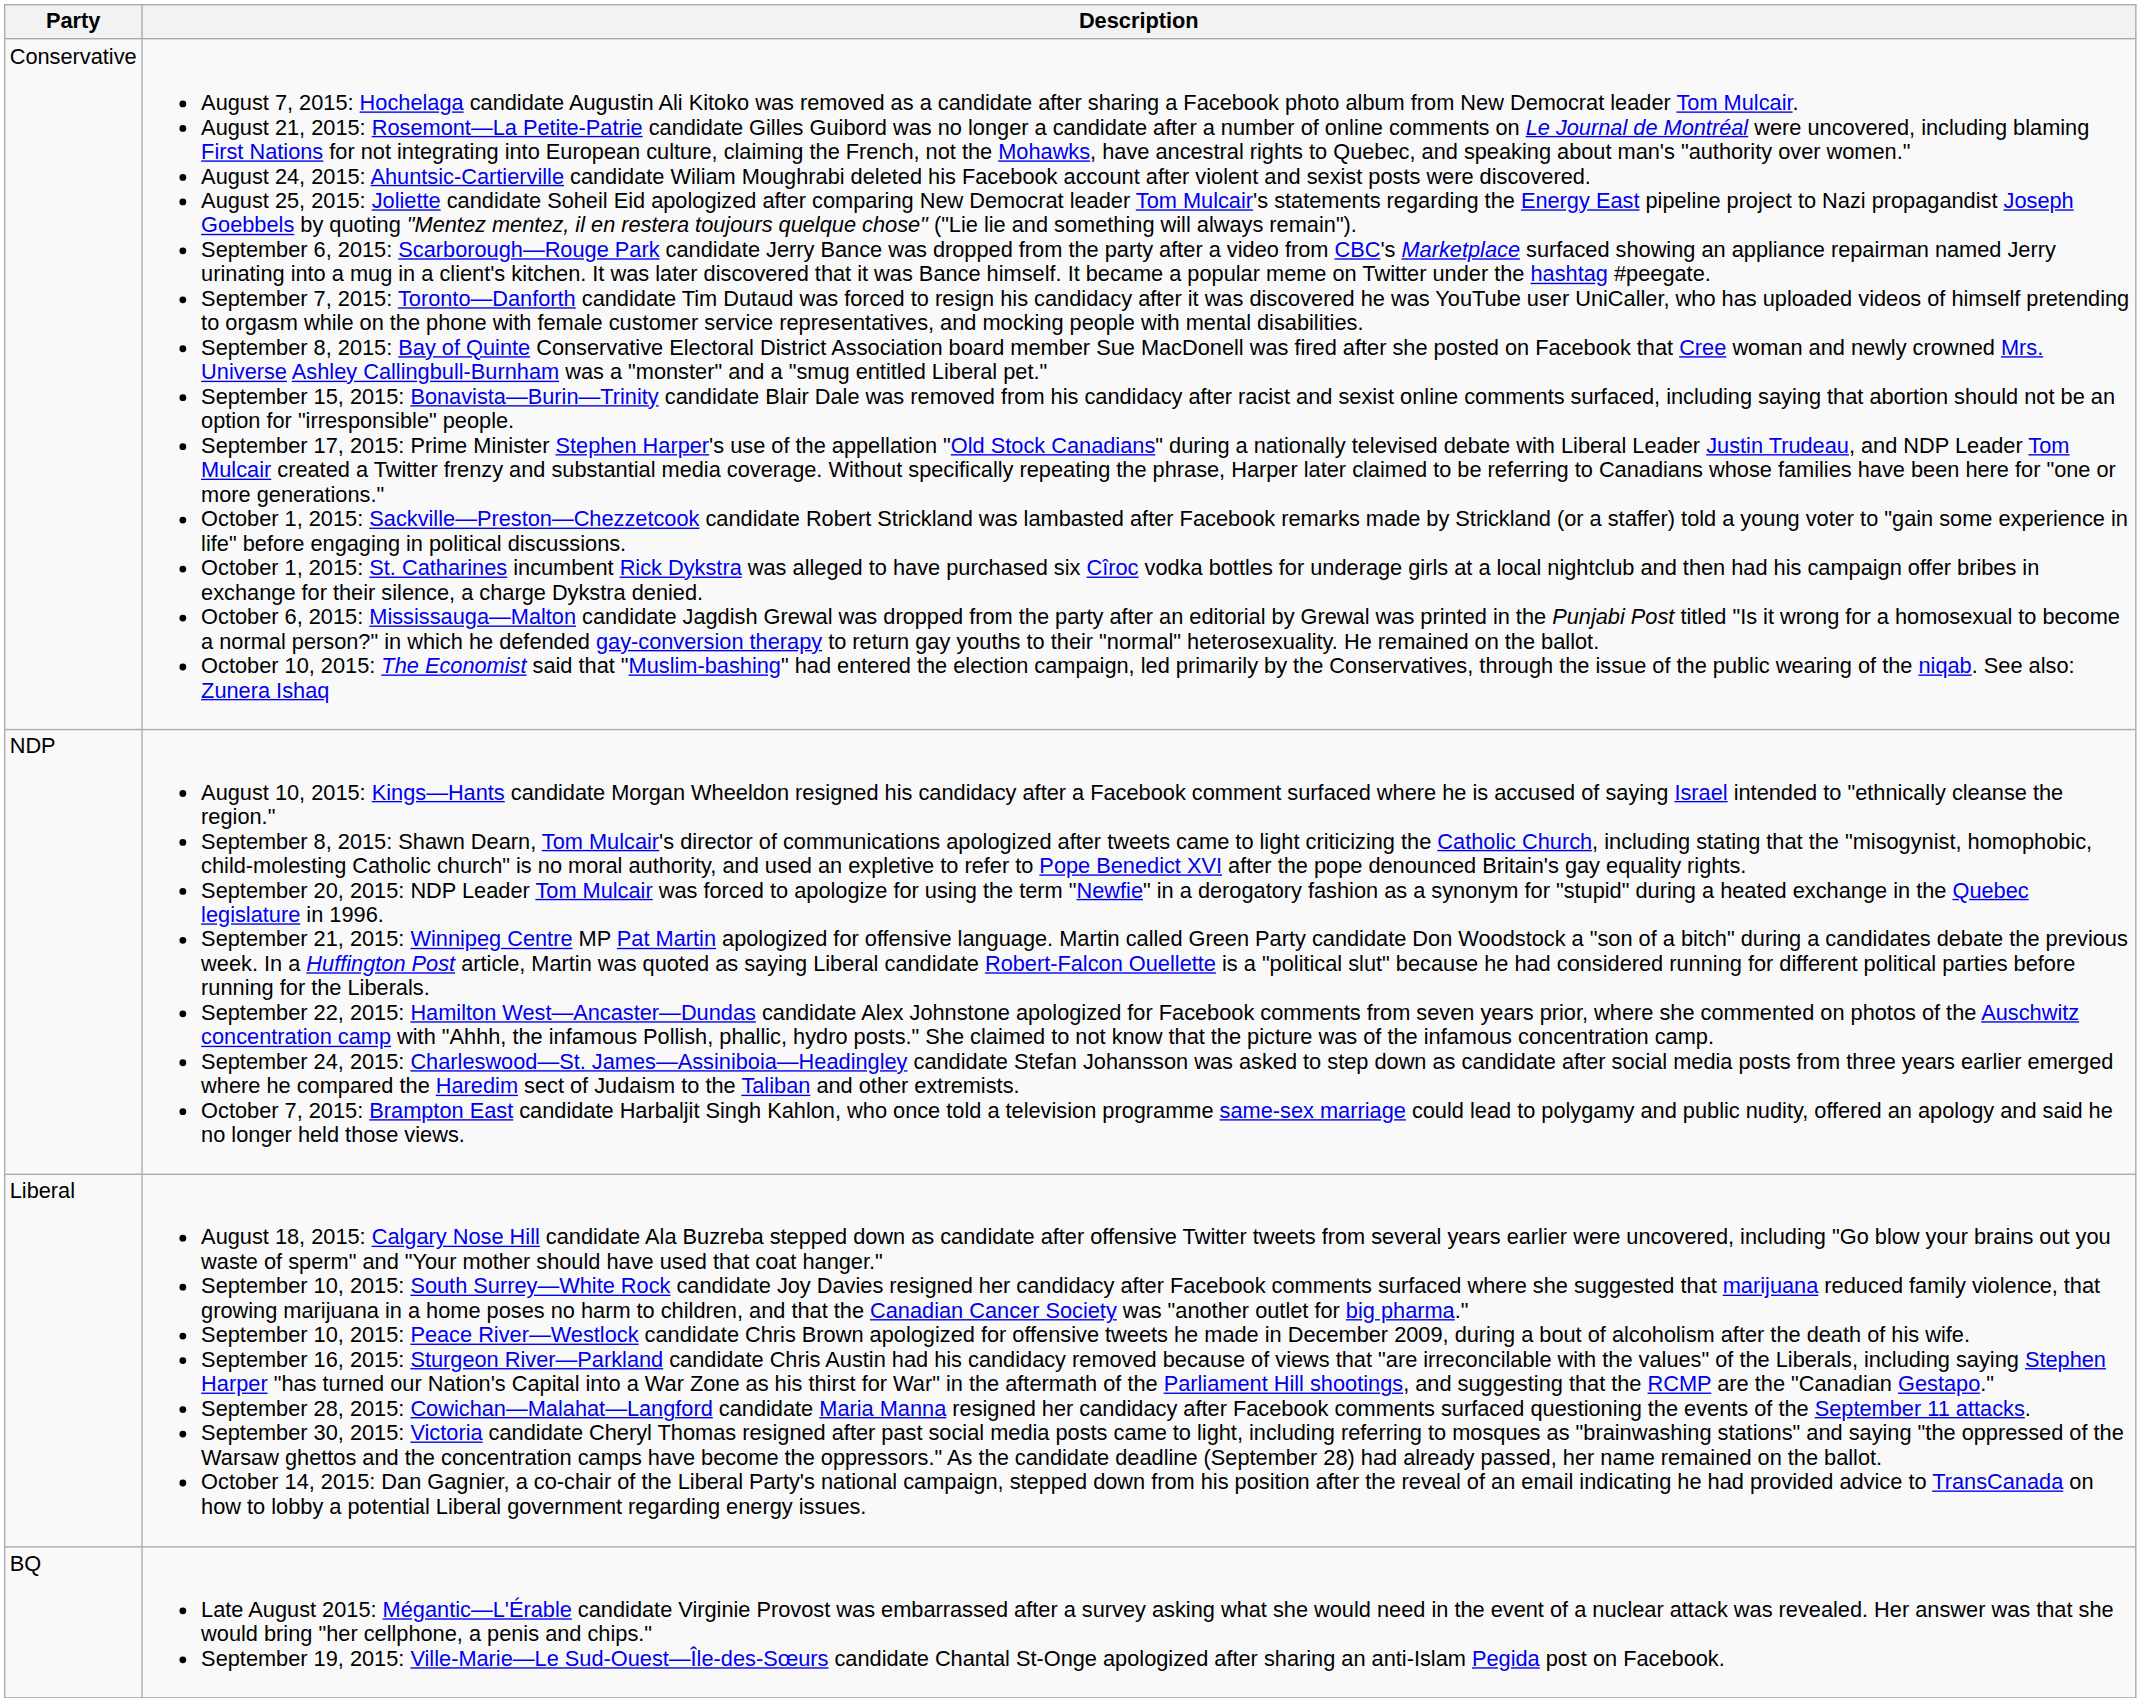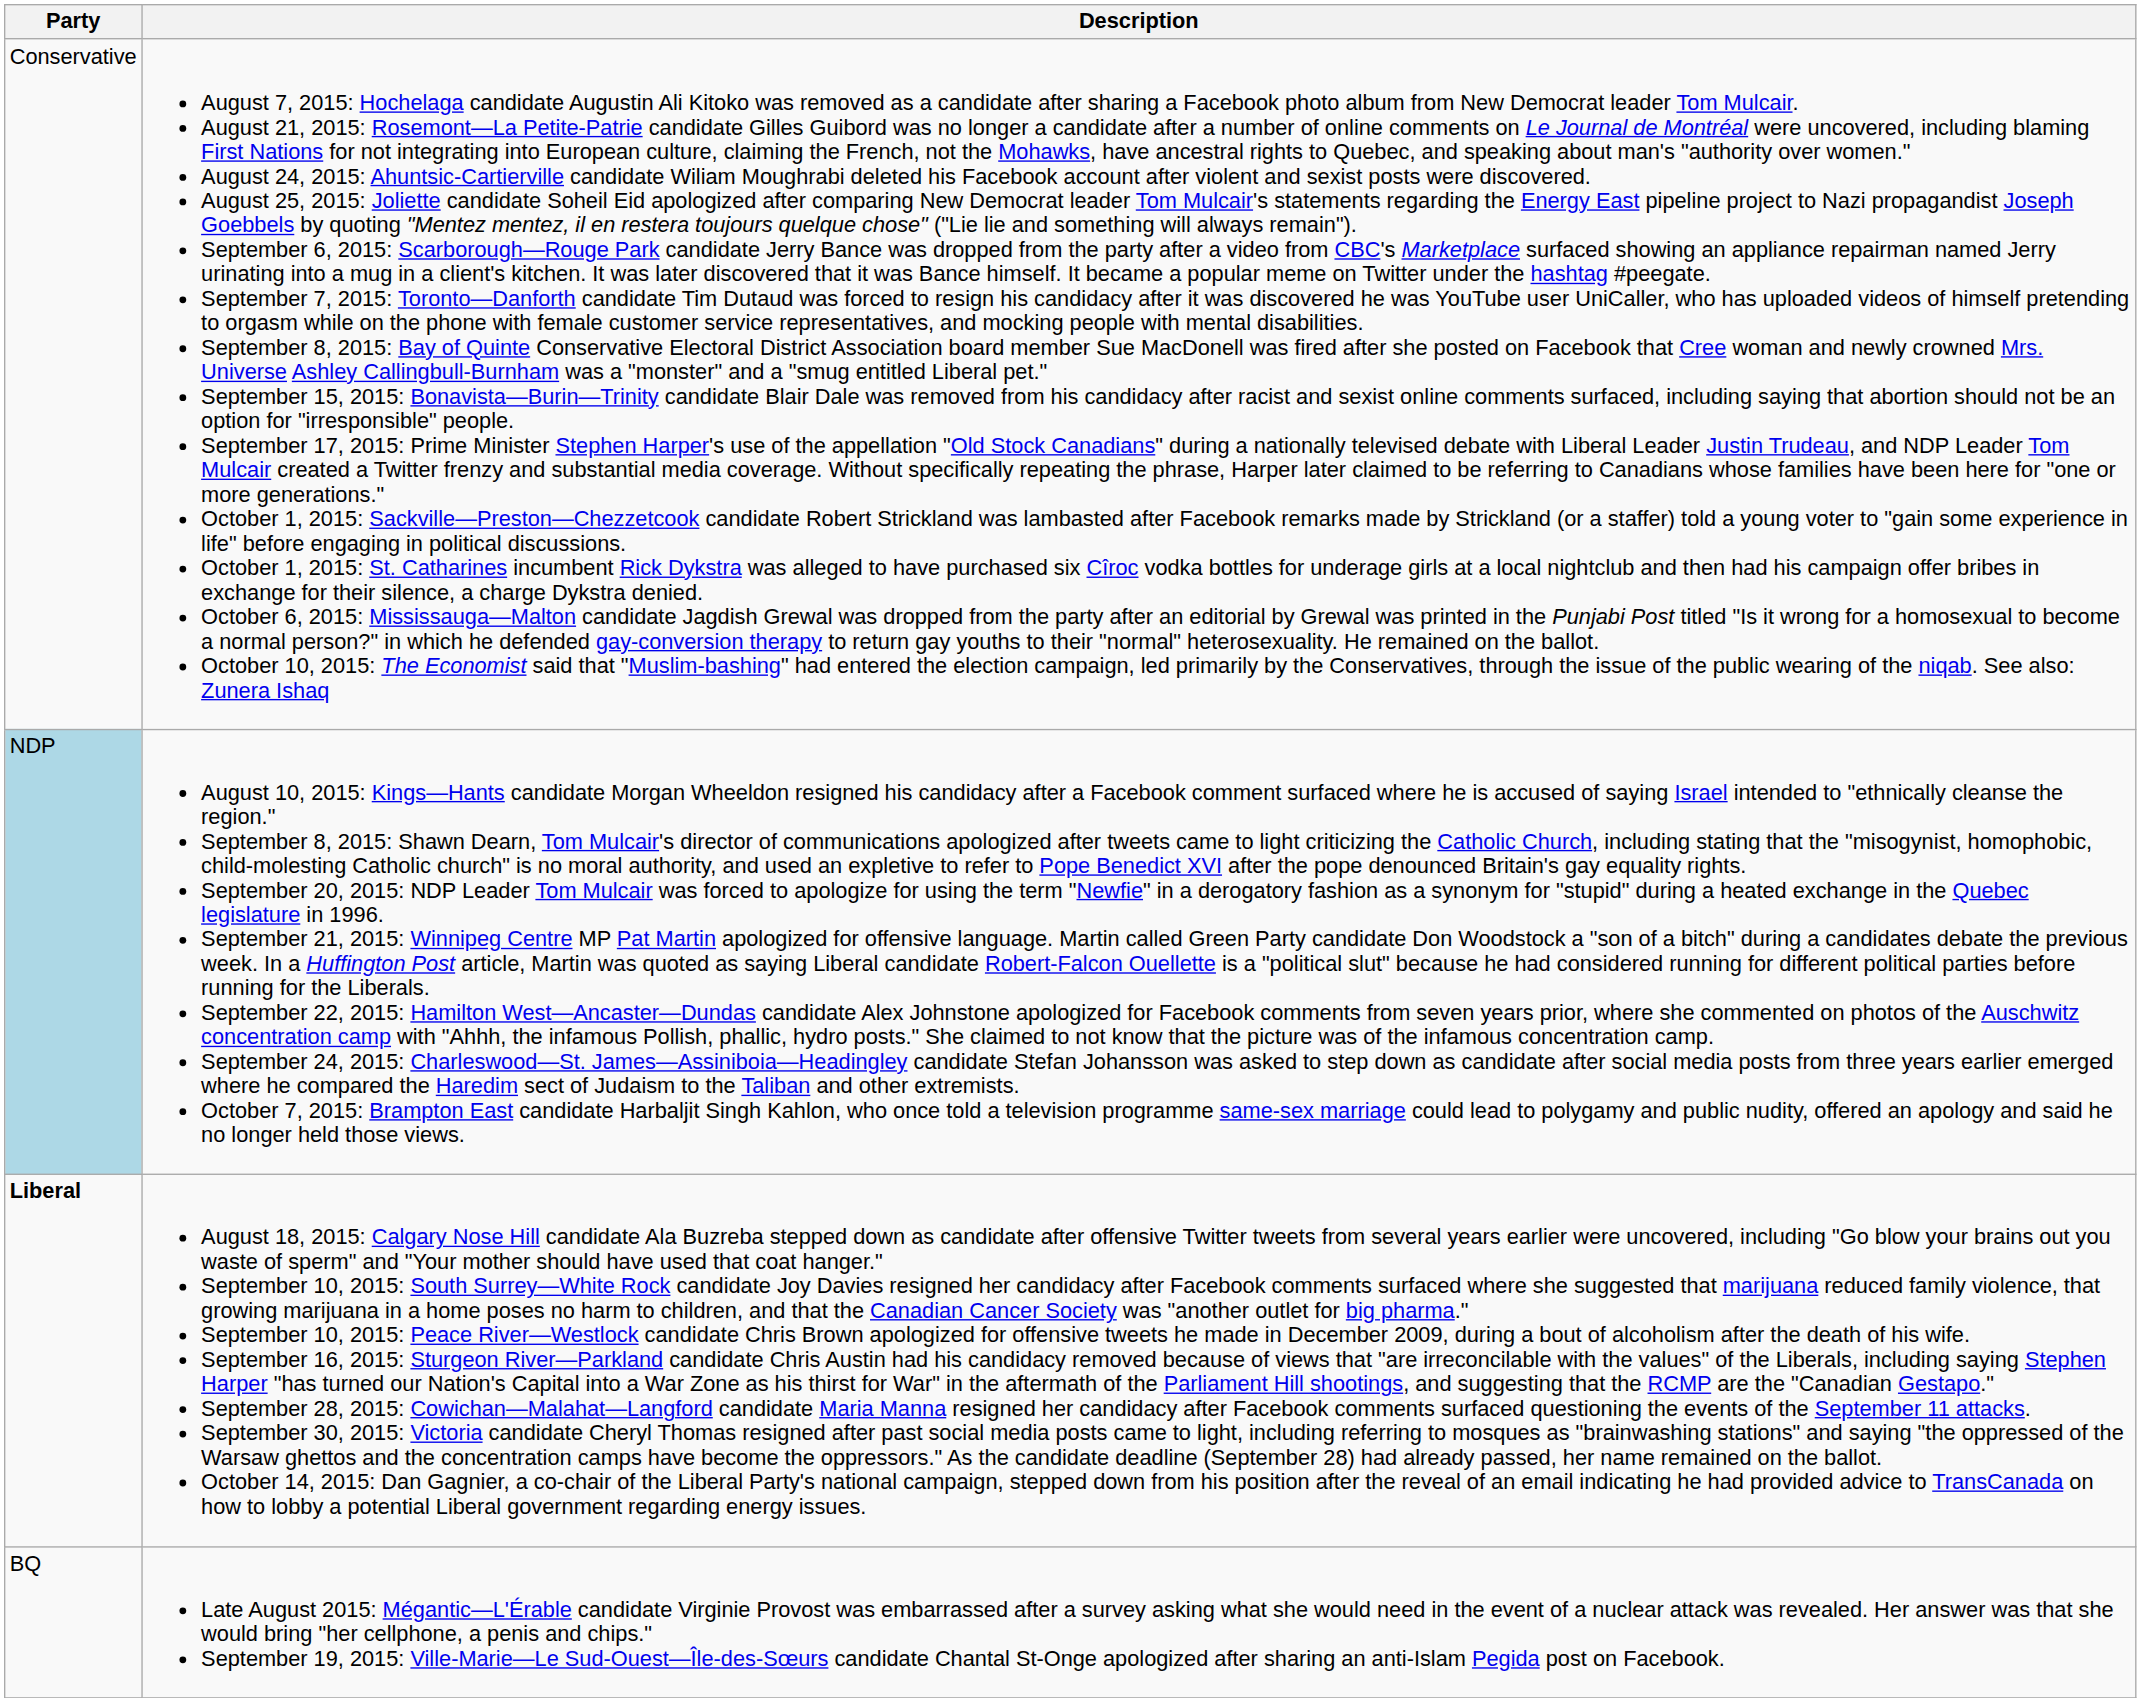 <table class="wikitable">
 <tr>
 <th>Party</th>
 <th>Description</th>
 </tr>
 <tr valign="top">
 <td>Conservative</td>
 <td><br><ul><li>August 7, 2015: <a href='#'>Hochelaga</a> candidate Augustin Ali Kitoko was removed as a candidate after sharing a Facebook photo album from New Democrat leader <a href='#'>Tom Mulcair</a>.</li><li>August 21, 2015: <a href='#'>Rosemont—La Petite-Patrie</a> candidate Gilles Guibord was no longer a candidate after a number of online comments on <em><a href='#'>Le Journal de Montréal</a></em> were uncovered, including blaming <a href='#'>First Nations</a> for not integrating into European culture, claiming the French, not the <a href='#'>Mohawks</a>, have ancestral rights to Quebec, and speaking about man's "authority over women."</li><li>August 24, 2015: <a href='#'>Ahuntsic-Cartierville</a> candidate Wiliam Moughrabi deleted his Facebook account after violent and sexist posts were discovered.</li><li>August 25, 2015: <a href='#'>Joliette</a> candidate Soheil Eid apologized after comparing New Democrat leader <a href='#'>Tom Mulcair</a>'s statements regarding the <a href='#'>Energy East</a> pipeline project to Nazi propagandist <a href='#'>Joseph Goebbels</a> by quoting <em>"Mentez mentez, il en restera toujours quelque chose"</em> ("Lie lie and something will always remain").</li><li>September 6, 2015: <a href='#'>Scarborough—Rouge Park</a> candidate Jerry Bance was dropped from the party after a video from <a href='#'>CBC</a>'s <em><a href='#'>Marketplace</a></em> surfaced showing an appliance repairman named Jerry urinating into a mug in a client's kitchen. It was later discovered that it was Bance himself. It became a popular meme on Twitter under the <a href='#'>hashtag</a> #peegate.</li><li>September 7, 2015: <a href='#'>Toronto—Danforth</a> candidate Tim Dutaud was forced to resign his candidacy after it was discovered he was YouTube user UniCaller, who has uploaded videos of himself pretending to orgasm while on the phone with female customer service representatives, and mocking people with mental disabilities.</li><li>September 8, 2015: <a href='#'>Bay of Quinte</a> Conservative Electoral District Association board member Sue MacDonell was fired after she posted on Facebook that <a href='#'>Cree</a> woman and newly crowned <a href='#'>Mrs. Universe</a> <a href='#'>Ashley Callingbull-Burnham</a> was a "monster" and a "smug entitled Liberal pet."</li><li>September 15, 2015: <a href='#'>Bonavista—Burin—Trinity</a> candidate Blair Dale was removed from his candidacy after racist and sexist online comments surfaced, including saying that abortion should not be an option for "irresponsible" people.</li><li>September 17, 2015: Prime Minister <a href='#'>Stephen Harper</a>'s use of the appellation "<a href='#'>Old Stock Canadians</a>" during a nationally televised debate with Liberal Leader <a href='#'>Justin Trudeau</a>, and NDP Leader <a href='#'>Tom Mulcair</a> created a Twitter frenzy and substantial media coverage. Without specifically repeating the phrase, Harper later claimed to be referring to Canadians whose families have been here for "one or more generations."</li><li>October 1, 2015: <a href='#'>Sackville—Preston—Chezzetcook</a> candidate Robert Strickland was lambasted after Facebook remarks made by Strickland (or a staffer) told a young voter to "gain some experience in life" before engaging in political discussions.</li><li>October 1, 2015: <a href='#'>St. Catharines</a> incumbent <a href='#'>Rick Dykstra</a> was alleged to have purchased six <a href='#'>Cîroc</a> vodka bottles for underage girls at a local nightclub and then had his campaign offer bribes in exchange for their silence, a charge Dykstra denied.</li><li>October 6, 2015: <a href='#'>Mississauga—Malton</a> candidate Jagdish Grewal was dropped from the party after an editorial by Grewal was printed in the <em>Punjabi Post</em> titled "Is it wrong for a homosexual to become a normal person?" in which he defended <a href='#'>gay-conversion therapy</a> to return gay youths to their "normal" heterosexuality. He remained on the ballot.</li><li>October 10, 2015: <em><a href='#'>The Economist</a></em> said that "<a href='#'>Muslim-bashing</a>" had entered the election campaign, led primarily by the Conservatives, through the issue of the public wearing of the <a href='#'>niqab</a>. See also: <a href='#'>Zunera Ishaq</a></li></ul></td>
 </tr>
 <tr valign="top">
-<td>NDP</td>
+<td style="background: lightblue;">NDP</td>
 <td><br><ul><li>August 10, 2015: <a href='#'>Kings—Hants</a> candidate Morgan Wheeldon resigned his candidacy after a Facebook comment surfaced where he is accused of saying <a href='#'>Israel</a> intended to "ethnically cleanse the region."</li><li>September 8, 2015: Shawn Dearn, <a href='#'>Tom Mulcair</a>'s director of communications apologized after tweets came to light criticizing the <a href='#'>Catholic Church</a>, including stating that the "misogynist, homophobic, child-molesting Catholic church" is no moral authority, and used an expletive to refer to <a href='#'>Pope Benedict XVI</a> after the pope denounced Britain's gay equality rights.</li><li>September 20, 2015: NDP Leader <a href='#'>Tom Mulcair</a> was forced to apologize for using the term "<a href='#'>Newfie</a>" in a derogatory fashion as a synonym for "stupid" during a heated exchange in the <a href='#'>Quebec legislature</a> in 1996.</li><li>September 21, 2015: <a href='#'>Winnipeg Centre</a> MP <a href='#'>Pat Martin</a> apologized for offensive language. Martin called Green Party candidate Don Woodstock a "son of a bitch" during a candidates debate the previous week. In a <em><a href='#'>Huffington Post</a></em> article, Martin was quoted as saying Liberal candidate <a href='#'>Robert-Falcon Ouellette</a> is a "political slut" because he had considered running for different political parties before running for the Liberals.</li><li>September 22, 2015: <a href='#'>Hamilton West—Ancaster—Dundas</a> candidate Alex Johnstone apologized for Facebook comments from seven years prior, where she commented on photos of the <a href='#'>Auschwitz concentration camp</a> with "Ahhh, the infamous Pollish, phallic, hydro posts." She claimed to not know that the picture was of the infamous concentration camp.</li><li>September 24, 2015: <a href='#'>Charleswood—St. James—Assiniboia—Headingley</a> candidate Stefan Johansson was asked to step down as candidate after social media posts from three years earlier emerged where he compared the <a href='#'>Haredim</a> sect of Judaism to the <a href='#'>Taliban</a> and other extremists.</li><li>October 7, 2015: <a href='#'>Brampton East</a> candidate Harbaljit Singh Kahlon, who once told a television programme <a href='#'>same-sex marriage</a> could lead to polygamy and public nudity, offered an apology and said he no longer held those views.</li></ul></td>
 </tr>
 <tr valign="top">
-<td>Liberal</td>
+<td><strong>Liberal</strong></td>
 <td><br><ul><li>August 18, 2015: <a href='#'>Calgary Nose Hill</a> candidate Ala Buzreba stepped down as candidate after offensive Twitter tweets from several years earlier were uncovered, including "Go blow your brains out you waste of sperm" and "Your mother should have used that coat hanger."</li><li>September 10, 2015: <a href='#'>South Surrey—White Rock</a> candidate Joy Davies resigned her candidacy after Facebook comments surfaced where she suggested that <a href='#'>marijuana</a> reduced family violence, that growing marijuana in a home poses no harm to children, and that the <a href='#'>Canadian Cancer Society</a> was "another outlet for <a href='#'>big pharma</a>."</li><li>September 10, 2015: <a href='#'>Peace River—Westlock</a> candidate Chris Brown apologized for offensive tweets he made in December 2009, during a bout of alcoholism after the death of his wife.</li><li>September 16, 2015: <a href='#'>Sturgeon River—Parkland</a> candidate Chris Austin had his candidacy removed because of views that "are irreconcilable with the values" of the Liberals, including saying <a href='#'>Stephen Harper</a> "has turned our Nation's Capital into a War Zone as his thirst for War" in the aftermath of the <a href='#'>Parliament Hill shootings</a>, and suggesting that the <a href='#'>RCMP</a> are the "Canadian <a href='#'>Gestapo</a>."</li><li>September 28, 2015: <a href='#'>Cowichan—Malahat—Langford</a>  candidate <a href='#'>Maria Manna</a> resigned her candidacy after Facebook comments surfaced questioning the events of the <a href='#'>September 11 attacks</a>.</li><li>September 30, 2015: <a href='#'>Victoria</a> candidate Cheryl Thomas resigned after past social media posts came to light, including referring to mosques as "brainwashing stations" and saying "the oppressed of the Warsaw ghettos and the concentration camps have become the oppressors." As the candidate deadline (September 28) had already passed, her name remained on the ballot.</li><li>October 14, 2015: Dan Gagnier, a co-chair of the Liberal Party's national campaign, stepped down from his position after the reveal of an email indicating he had provided advice to <a href='#'>TransCanada</a> on how to lobby a potential Liberal government regarding energy issues.</li></ul></td>
 </tr>
 <tr valign="top">
 <td>BQ</td>
 <td><br><ul><li>Late August 2015: <a href='#'>Mégantic—L'Érable</a> candidate Virginie Provost was embarrassed after a survey asking what she would need in the event of a nuclear attack was revealed. Her answer was that she would bring "her cellphone, a penis and chips."</li><li>September 19, 2015: <a href='#'>Ville-Marie—Le Sud-Ouest—Île-des-Sœurs</a> candidate Chantal St-Onge apologized after sharing an anti-Islam <a href='#'>Pegida</a> post on Facebook.</li></ul></td>
 </tr>
 </table>
